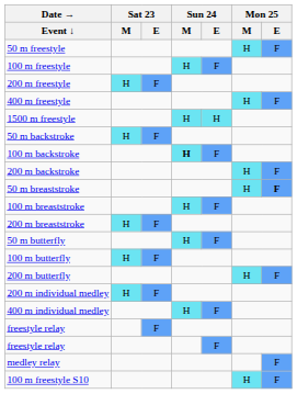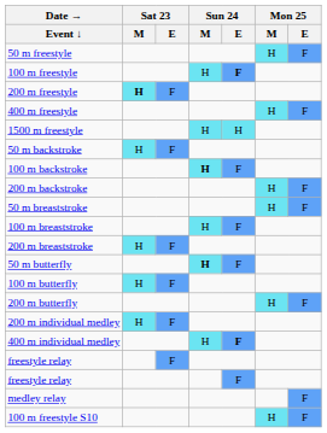 <table class="wikitable" style="margin:0.5em auto; font-size:95%; line-height:1.25em;">
 <tr style="text-align:center;">
 <th>Date →</th>
 <th colspan="2">Sat 23</th>
 <th colspan="2">Sun 24</th>
 <th colspan="2">Mon 25</th>
 </tr>
 <tr>
 <th>Event ↓</th>
 <th style="width:2.5em;">M</th>
 <th style="width:2.5em;">E</th>
 <th style="width:2.5em;">M</th>
 <th style="width:2.5em;">E</th>
 <th style="width:2.5em;">M</th>
 <th style="width:2.5em;">E</th>
 </tr>
 <tr style="text-align:center;">
 <td style="text-align:left;"><a href='#'>50 m freestyle</a></td>
 <td colspan="2"></td>
 <td colspan="2"></td>
 <td style="background-color:#6be4f2;">H</td>
 <td style="background-color:#5ea2f7;">F</td>
 </tr>
 <tr style="text-align:center;">
 <td style="text-align:left;"><a href='#'>100 m freestyle</a></td>
 <td colspan="2"></td>
 <td style="background-color:#6be4f2;">H</td>
-<td style="background-color:#5ea2f7;">F</td>
+<td style="background-color:#5ea2f7;"><strong>F</strong></td>
 <td colspan="2"></td>
 </tr>
 <tr style="text-align:center;">
 <td style="text-align:left;"><a href='#'>200 m freestyle</a></td>
-<td style="background-color:#6be4f2;">H</td>
+<td style="background-color:#6be4f2;"><strong>H</strong></td>
 <td style="background-color:#5ea2f7;">F</td>
 <td colspan="2"></td>
 <td colspan="2"></td>
 </tr>
 <tr style="text-align:center;">
 <td style="text-align:left;"><a href='#'>400 m freestyle</a></td>
 <td colspan="2"></td>
 <td colspan="2"></td>
 <td style="background-color:#6be4f2;">H</td>
 <td style="background-color:#5ea2f7;">F</td>
 </tr>
 <tr style="text-align:center;">
 <td style="text-align:left;"><a href='#'>1500 m freestyle</a></td>
 <td colspan="2"></td>
 <td style="background-color:#6be4f2;">H</td>
 <td style="background-color:#6be4f2;">H</td>
 <td colspan="2"></td>
 </tr>
 <tr style="text-align:center;">
 <td style="text-align:left;"><a href='#'>50 m backstroke</a></td>
 <td style="background-color:#6be4f2;">H</td>
 <td style="background-color:#5ea2f7;">F</td>
 <td colspan="2"></td>
 <td colspan="2"></td>
 </tr>
 <tr style="text-align:center;">
 <td style="text-align:left;"><a href='#'>100 m backstroke</a></td>
 <td colspan="2"></td>
 <td style="background-color:#6be4f2;"><strong>H</strong></td>
 <td style="background-color:#5ea2f7;">F</td>
 <td colspan="2"></td>
 </tr>
 <tr style="text-align:center;">
 <td style="text-align:left;"><a href='#'>200 m backstroke</a></td>
 <td colspan="2"></td>
 <td colspan="2"></td>
 <td style="background-color:#6be4f2;">H</td>
 <td style="background-color:#5ea2f7;">F</td>
 </tr>
 <tr style="text-align:center;">
 <td style="text-align:left;"><a href='#'>50 m breaststroke</a></td>
 <td colspan="2"></td>
 <td colspan="2"></td>
 <td style="background-color:#6be4f2;">H</td>
-<td style="background-color:#5ea2f7;"><strong>F</strong></td>
+<td style="background-color:#5ea2f7;">F</td>
 </tr>
 <tr style="text-align:center;">
 <td style="text-align:left;"><a href='#'>100 m breaststroke</a></td>
 <td colspan="2"></td>
 <td style="background-color:#6be4f2;">H</td>
 <td style="background-color:#5ea2f7;">F</td>
 <td colspan="2"></td>
 </tr>
 <tr style="text-align:center;">
 <td style="text-align:left;"><a href='#'>200 m breaststroke</a></td>
 <td style="background-color:#6be4f2;">H</td>
 <td style="background-color:#5ea2f7;">F</td>
 <td colspan="2"></td>
 <td colspan="2"></td>
 </tr>
 <tr style="text-align:center;">
 <td style="text-align:left;"><a href='#'>50 m butterfly</a></td>
 <td colspan="2"></td>
-<td style="background-color:#6be4f2;">H</td>
+<td style="background-color:#6be4f2;"><strong>H</strong></td>
 <td style="background-color:#5ea2f7;">F</td>
 <td colspan="2"></td>
 </tr>
 <tr style="text-align:center;">
 <td style="text-align:left;"><a href='#'>100 m butterfly</a></td>
 <td style="background-color:#6be4f2;">H</td>
 <td style="background-color:#5ea2f7;">F</td>
 <td colspan="2"></td>
 <td colspan="2"></td>
 </tr>
 <tr style="text-align:center;">
 <td style="text-align:left;"><a href='#'>200 m butterfly</a></td>
 <td colspan="2"></td>
 <td colspan="2"></td>
 <td style="background-color:#6be4f2;">H</td>
 <td style="background-color:#5ea2f7;">F</td>
 </tr>
 <tr style="text-align:center;">
 <td style="text-align:left;"><a href='#'>200 m individual medley</a></td>
 <td style="background-color:#6be4f2;">H</td>
 <td style="background-color:#5ea2f7;">F</td>
 <td colspan="2"></td>
 <td colspan="2"></td>
 </tr>
 <tr style="text-align:center;">
 <td style="text-align:left;"><a href='#'>400 m individual medley</a></td>
 <td colspan="2"></td>
 <td style="background-color:#6be4f2;">H</td>
-<td style="background-color:#5ea2f7;">F</td>
+<td style="background-color:#5ea2f7;"><strong>F</strong></td>
 <td colspan="2"></td>
 </tr>
 <tr style="text-align:center;">
 <td style="text-align:left;"><a href='#'> freestyle relay</a></td>
 <td></td>
 <td style="background-color:#5ea2f7;">F</td>
 <td colspan="2"></td>
 <td colspan="2"></td>
 </tr>
 <tr style="text-align:center;">
 <td style="text-align:left;"><a href='#'> freestyle relay</a></td>
 <td colspan="2"></td>
 <td></td>
 <td style="background-color:#5ea2f7;">F</td>
 <td colspan="2"></td>
 </tr>
 <tr style="text-align:center;">
 <td style="text-align:left;"><a href='#'> medley relay</a></td>
 <td colspan="2"></td>
 <td colspan="2"></td>
 <td></td>
 <td style="background-color:#5ea2f7;">F</td>
 </tr>
 <tr style="text-align:center;">
 <td style="text-align:left;"><a href='#'>100 m freestyle S10</a></td>
 <td colspan="2"></td>
 <td colspan="2"></td>
 <td style="background-color:#6be4f2;">H</td>
 <td style="background-color:#5ea2f7;">F</td>
 </tr>
 </table>
